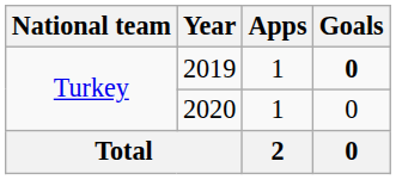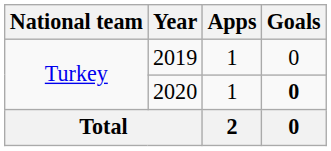 <table class="wikitable" style="text-align:center">
 <tr>
 <th>National team</th>
 <th>Year</th>
 <th>Apps</th>
 <th>Goals</th>
 </tr>
 <tr>
 <td rowspan="2"><a href='#'>Turkey</a></td>
 <td>2019</td>
 <td>1</td>
-<td><strong>0</strong></td>
+<td>0</td>
 </tr>
 <tr>
 <td>2020</td>
 <td>1</td>
-<td>0</td>
+<td><strong>0</strong></td>
 </tr>
 <tr>
 <th colspan="2">Total</th>
 <th>2</th>
 <th>0</th>
 </tr>
 </table>
